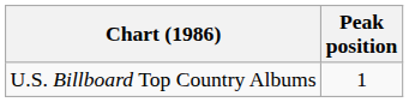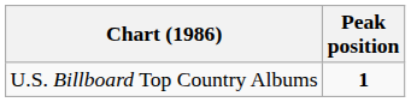 <table class="wikitable">
 <tr>
 <th>Chart (1986)</th>
 <th>Peak<br>position</th>
 </tr>
 <tr>
 <td>U.S. <em>Billboard</em> Top Country Albums</td>
-<td align="center">1</td>
+<td align="center"><strong>1</strong></td>
 </tr>
 </table>
